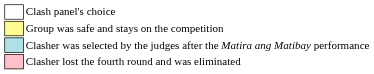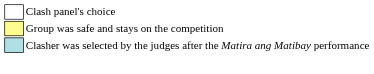 <table class="toccolours" style="white-space: nowrap;">
 <tr>
 <td style="background:white; border: 1px solid black;"> <strong></strong> </td>
 <td>Clash panel's choice</td>
 </tr>
 <tr>
 <td style="background:#fdfc8f; border: 1px solid black">    </td>
 <td>Group was safe and stays on the competition</td>
 </tr>
 <tr>
 <td style="background:#b0e0e6; border:1px solid black;">      </td>
 <td>Clasher was selected by the judges after the <em>Matira ang Matibay</em> performance</td>
 </tr>
 <tr>
-<td style="background:pink; border:1px solid black;">      </td>
-<td>Clasher lost the fourth round and was eliminated</td>
-</tr>
-<tr>
 </tr>
 </table>
